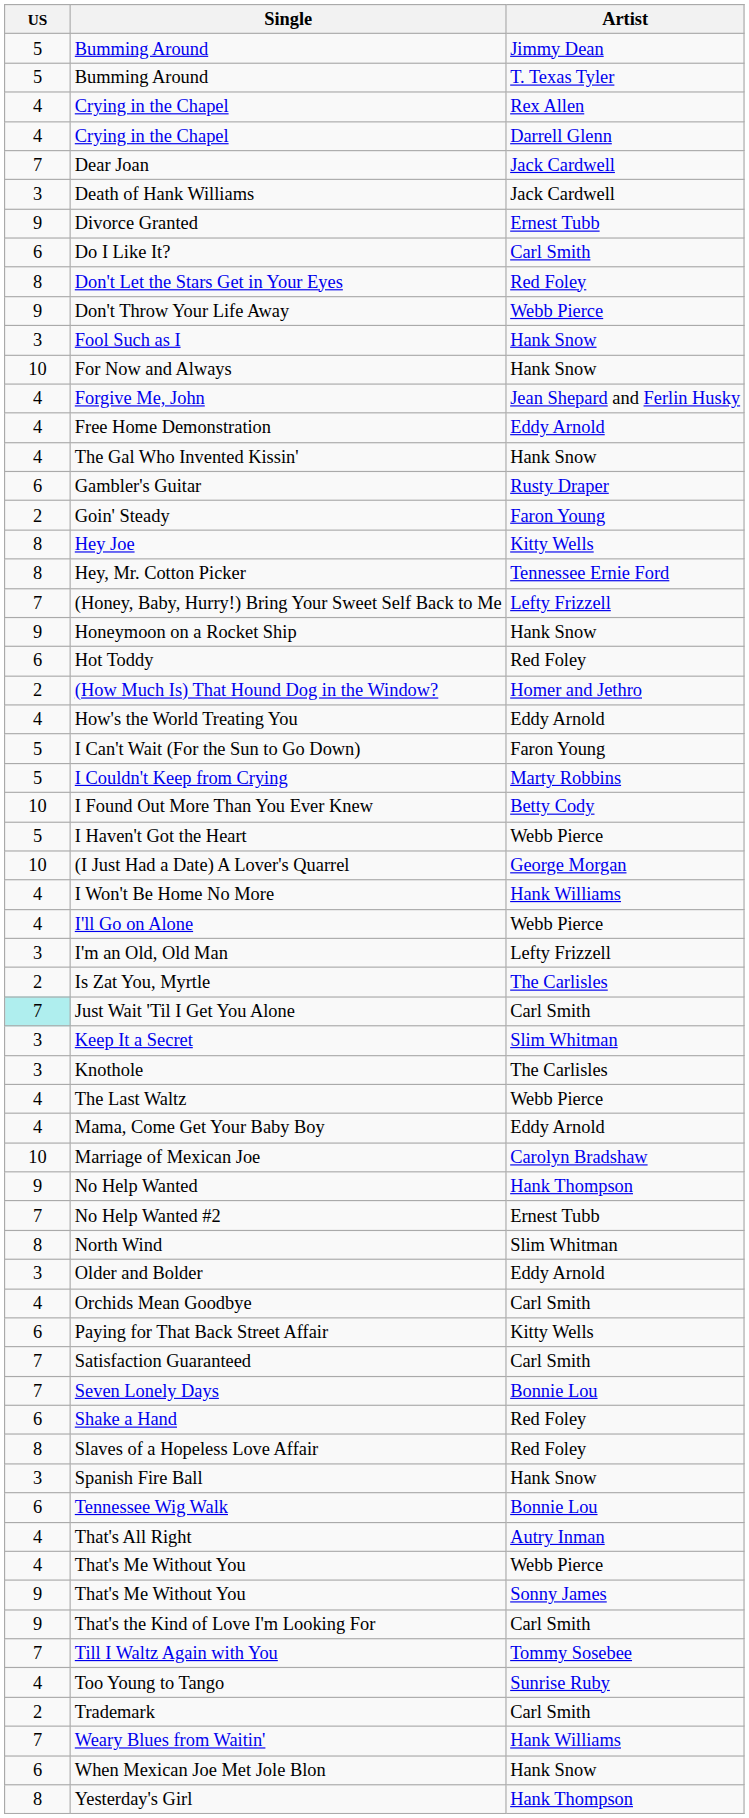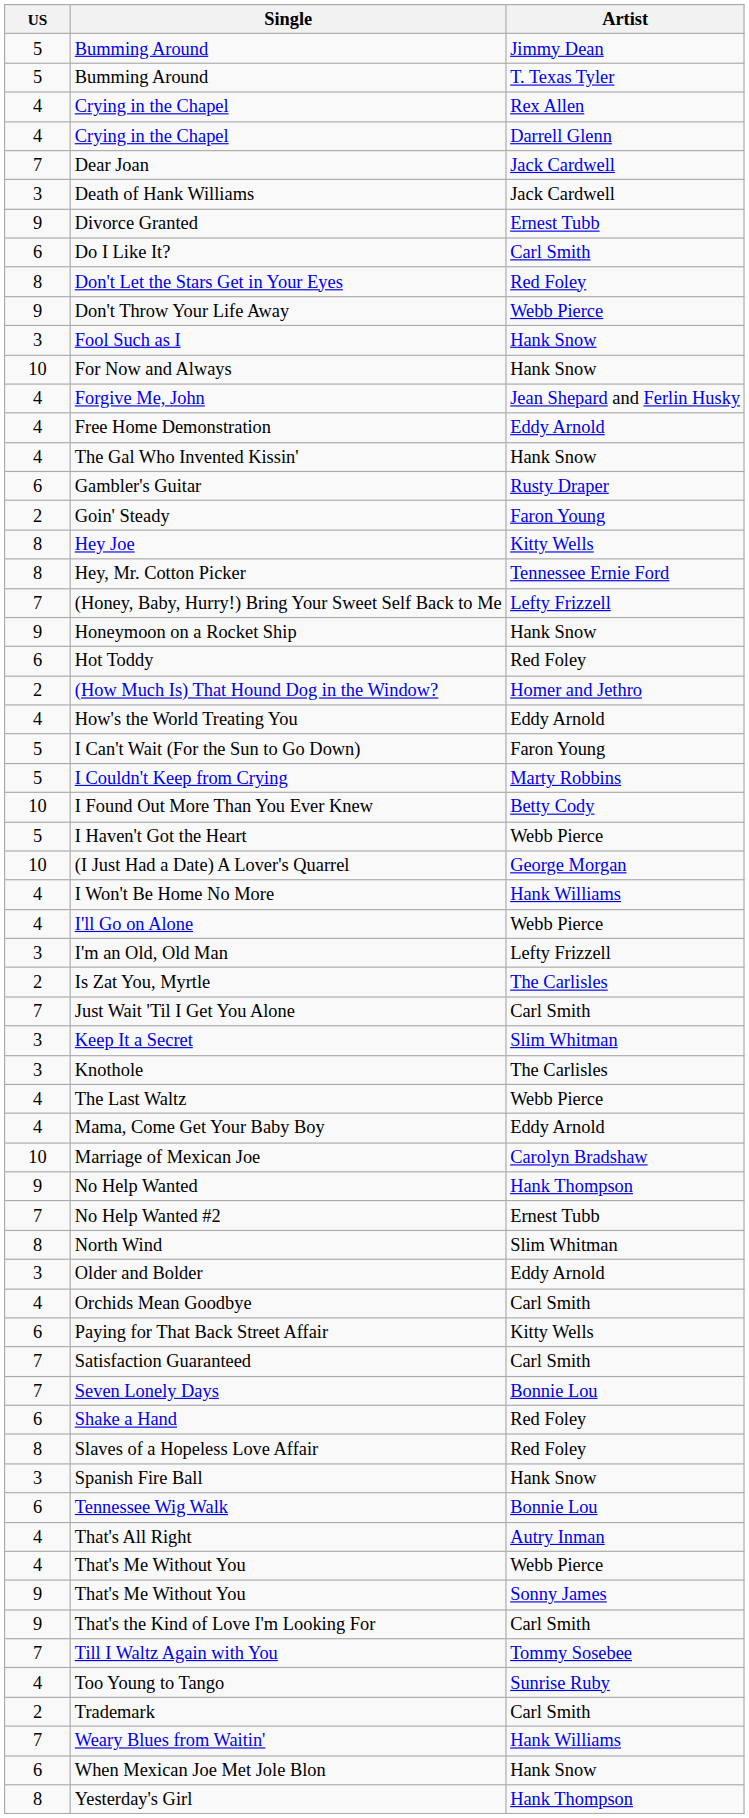 <table class="wikitable sortable">
 <tr>
 <th width="50"><small>US</small></th>
 <th>Single</th>
 <th>Artist</th>
 </tr>
 <tr>
 <td align="center">5</td>
 <td><a href='#'>Bumming Around</a></td>
 <td><a href='#'>Jimmy Dean</a></td>
 </tr>
 <tr>
 <td align="center">5</td>
 <td>Bumming Around</td>
 <td><a href='#'>T. Texas Tyler</a></td>
 </tr>
 <tr>
 <td align="center">4</td>
 <td><a href='#'>Crying in the Chapel</a></td>
 <td><a href='#'>Rex Allen</a></td>
 </tr>
 <tr>
 <td align="center">4</td>
 <td><a href='#'>Crying in the Chapel</a></td>
 <td><a href='#'>Darrell Glenn</a></td>
 </tr>
 <tr>
 <td align="center">7</td>
 <td>Dear Joan</td>
 <td><a href='#'>Jack Cardwell</a></td>
 </tr>
 <tr>
 <td align="center">3</td>
 <td>Death of Hank Williams</td>
 <td>Jack Cardwell</td>
 </tr>
 <tr>
 <td align="center">9</td>
 <td>Divorce Granted</td>
 <td><a href='#'>Ernest Tubb</a></td>
 </tr>
 <tr>
 <td align="center">6</td>
 <td>Do I Like It?</td>
 <td><a href='#'>Carl Smith</a></td>
 </tr>
 <tr>
 <td align="center">8</td>
 <td><a href='#'>Don't Let the Stars Get in Your Eyes</a></td>
 <td><a href='#'>Red Foley</a></td>
 </tr>
 <tr>
 <td align="center">9</td>
 <td>Don't Throw Your Life Away</td>
 <td><a href='#'>Webb Pierce</a></td>
 </tr>
 <tr>
 <td align="center">3</td>
 <td><a href='#'>Fool Such as I</a></td>
 <td><a href='#'>Hank Snow</a></td>
 </tr>
 <tr>
 <td align="center">10</td>
 <td>For Now and Always</td>
 <td>Hank Snow</td>
 </tr>
 <tr>
 <td align="center">4</td>
 <td><a href='#'>Forgive Me, John</a></td>
 <td><a href='#'>Jean Shepard</a> and <a href='#'>Ferlin Husky</a></td>
 </tr>
 <tr>
 <td align="center">4</td>
 <td>Free Home Demonstration</td>
 <td><a href='#'>Eddy Arnold</a></td>
 </tr>
 <tr>
 <td align="center">4</td>
 <td>The Gal Who Invented Kissin'</td>
 <td>Hank Snow</td>
 </tr>
 <tr>
 <td align="center">6</td>
 <td>Gambler's Guitar</td>
 <td><a href='#'>Rusty Draper</a></td>
 </tr>
 <tr>
 <td align="center">2</td>
 <td>Goin' Steady</td>
 <td><a href='#'>Faron Young</a></td>
 </tr>
 <tr>
 <td align="center">8</td>
 <td><a href='#'>Hey Joe</a></td>
 <td><a href='#'>Kitty Wells</a></td>
 </tr>
 <tr>
 <td align="center">8</td>
 <td>Hey, Mr. Cotton Picker</td>
 <td><a href='#'>Tennessee Ernie Ford</a></td>
 </tr>
 <tr>
 <td align="center">7</td>
 <td>(Honey, Baby, Hurry!) Bring Your Sweet Self Back to Me</td>
 <td><a href='#'>Lefty Frizzell</a></td>
 </tr>
 <tr>
 <td align="center">9</td>
 <td>Honeymoon on a Rocket Ship</td>
 <td>Hank Snow</td>
 </tr>
 <tr>
 <td align="center">6</td>
 <td>Hot Toddy</td>
 <td>Red Foley</td>
 </tr>
 <tr>
 <td align="center">2</td>
 <td><a href='#'>(How Much Is) That Hound Dog in the Window?</a></td>
 <td><a href='#'>Homer and Jethro</a></td>
 </tr>
 <tr>
 <td align="center">4</td>
 <td>How's the World Treating You</td>
 <td>Eddy Arnold</td>
 </tr>
 <tr>
 <td align="center">5</td>
 <td>I Can't Wait (For the Sun to Go Down)</td>
 <td>Faron Young</td>
 </tr>
 <tr>
 <td align="center">5</td>
 <td><a href='#'>I Couldn't Keep from Crying</a></td>
 <td><a href='#'>Marty Robbins</a></td>
 </tr>
 <tr>
 <td align="center">10</td>
 <td>I Found Out More Than You Ever Knew</td>
 <td><a href='#'>Betty Cody</a></td>
 </tr>
 <tr>
 <td align="center">5</td>
 <td>I Haven't Got the Heart</td>
 <td>Webb Pierce</td>
 </tr>
 <tr>
 <td align="center">10</td>
 <td>(I Just Had a Date) A Lover's Quarrel</td>
 <td><a href='#'>George Morgan</a></td>
 </tr>
 <tr>
 <td align="center">4</td>
 <td>I Won't Be Home No More</td>
 <td><a href='#'>Hank Williams</a></td>
 </tr>
 <tr>
 <td align="center">4</td>
 <td><a href='#'>I'll Go on Alone</a></td>
 <td>Webb Pierce</td>
 </tr>
 <tr>
 <td align="center">3</td>
 <td>I'm an Old, Old Man</td>
 <td>Lefty Frizzell</td>
 </tr>
 <tr>
 <td align="center">2</td>
 <td>Is Zat You, Myrtle</td>
 <td><a href='#'>The Carlisles</a></td>
 </tr>
 <tr>
-<td align="center" style="background: paleturquoise;">7</td>
+<td align="center">7</td>
 <td>Just Wait 'Til I Get You Alone</td>
 <td>Carl Smith</td>
 </tr>
 <tr>
 <td align="center">3</td>
 <td><a href='#'>Keep It a Secret</a></td>
 <td><a href='#'>Slim Whitman</a></td>
 </tr>
 <tr>
 <td align="center">3</td>
 <td>Knothole</td>
 <td>The Carlisles</td>
 </tr>
 <tr>
 <td align="center">4</td>
 <td>The Last Waltz</td>
 <td>Webb Pierce</td>
 </tr>
 <tr>
 <td align="center">4</td>
 <td>Mama, Come Get Your Baby Boy</td>
 <td>Eddy Arnold</td>
 </tr>
 <tr>
 <td align="center">10</td>
 <td>Marriage of Mexican Joe</td>
 <td><a href='#'>Carolyn Bradshaw</a></td>
 </tr>
 <tr>
 <td align="center">9</td>
 <td>No Help Wanted</td>
 <td><a href='#'>Hank Thompson</a></td>
 </tr>
 <tr>
 <td align="center">7</td>
 <td>No Help Wanted #2</td>
 <td>Ernest Tubb</td>
 </tr>
 <tr>
 <td align="center">8</td>
 <td>North Wind</td>
 <td>Slim Whitman</td>
 </tr>
 <tr>
 <td align="center">3</td>
 <td>Older and Bolder</td>
 <td>Eddy Arnold</td>
 </tr>
 <tr>
 <td align="center">4</td>
 <td>Orchids Mean Goodbye</td>
 <td>Carl Smith</td>
 </tr>
 <tr>
 <td align="center">6</td>
 <td>Paying for That Back Street Affair</td>
 <td>Kitty Wells</td>
 </tr>
 <tr>
 <td align="center">7</td>
 <td>Satisfaction Guaranteed</td>
 <td>Carl Smith</td>
 </tr>
 <tr>
 <td align="center">7</td>
 <td><a href='#'>Seven Lonely Days</a></td>
 <td><a href='#'>Bonnie Lou</a></td>
 </tr>
 <tr>
 <td align="center">6</td>
 <td><a href='#'>Shake a Hand</a></td>
 <td>Red Foley</td>
 </tr>
 <tr>
 <td align="center">8</td>
 <td>Slaves of a Hopeless Love Affair</td>
 <td>Red Foley</td>
 </tr>
 <tr>
 <td align="center">3</td>
 <td>Spanish Fire Ball</td>
 <td>Hank Snow</td>
 </tr>
 <tr>
 <td align="center">6</td>
 <td><a href='#'>Tennessee Wig Walk</a></td>
 <td><a href='#'>Bonnie Lou</a></td>
 </tr>
 <tr>
 <td align="center">4</td>
 <td>That's All Right</td>
 <td><a href='#'>Autry Inman</a></td>
 </tr>
 <tr>
 <td align="center">4</td>
 <td>That's Me Without You</td>
 <td>Webb Pierce</td>
 </tr>
 <tr>
 <td align="center">9</td>
 <td>That's Me Without You</td>
 <td><a href='#'>Sonny James</a></td>
 </tr>
 <tr>
 <td align="center">9</td>
 <td>That's the Kind of Love I'm Looking For</td>
 <td>Carl Smith</td>
 </tr>
 <tr>
 <td align="center">7</td>
 <td><a href='#'>Till I Waltz Again with You</a></td>
 <td><a href='#'>Tommy Sosebee</a></td>
 </tr>
 <tr>
 <td align="center">4</td>
 <td>Too Young to Tango</td>
 <td><a href='#'>Sunrise Ruby</a></td>
 </tr>
 <tr>
 <td align="center">2</td>
 <td>Trademark</td>
 <td>Carl Smith</td>
 </tr>
 <tr>
 <td align="center">7</td>
 <td><a href='#'>Weary Blues from Waitin'</a></td>
 <td><a href='#'>Hank Williams</a></td>
 </tr>
 <tr>
 <td align="center">6</td>
 <td>When Mexican Joe Met Jole Blon</td>
 <td>Hank Snow</td>
 </tr>
 <tr>
 <td align="center">8</td>
 <td>Yesterday's Girl</td>
 <td><a href='#'>Hank Thompson</a></td>
 </tr>
 </table>
